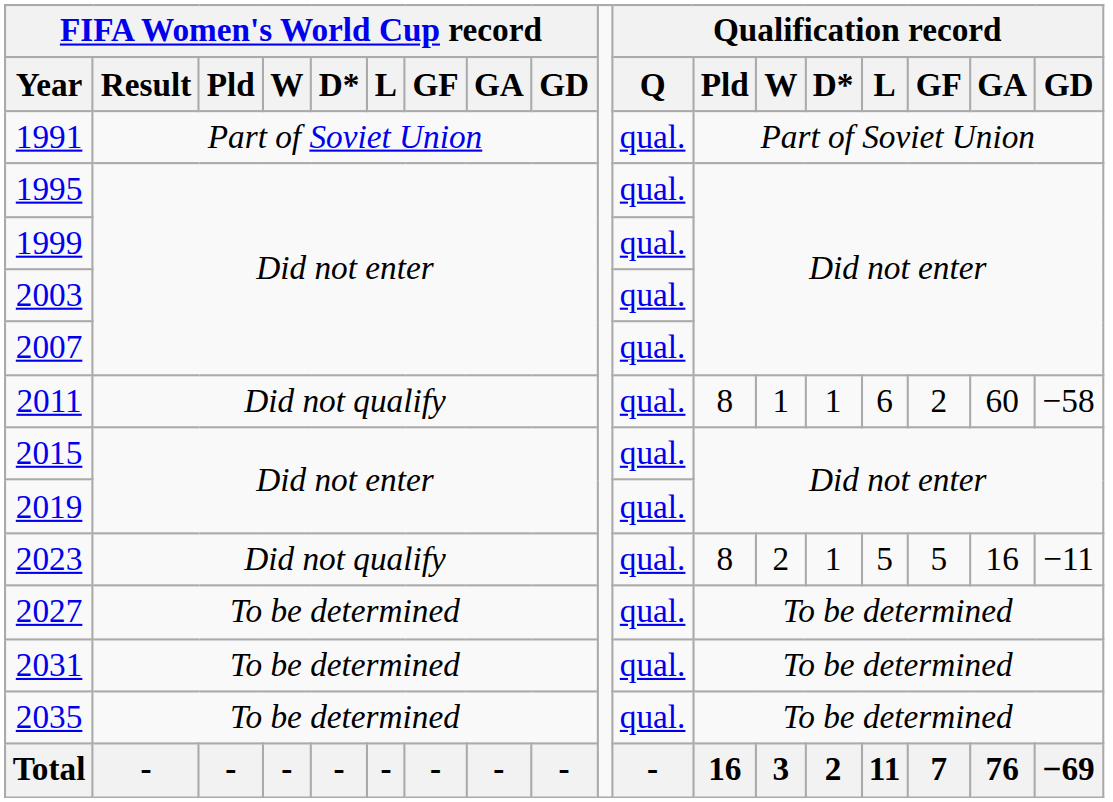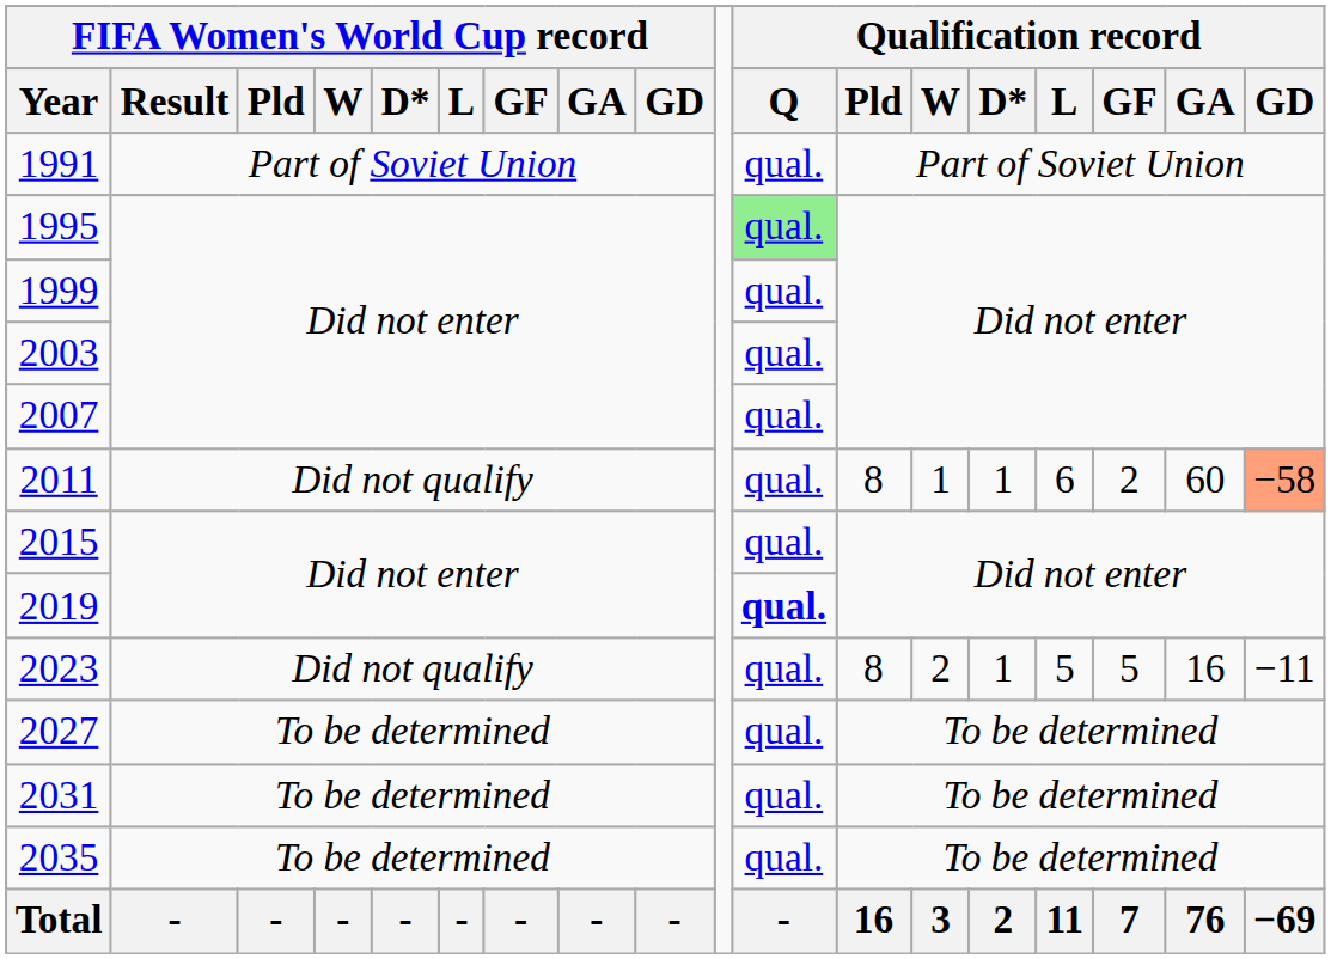 <table class="wikitable" style="text-align: center;">
 <tr>
 <th colspan="9"><a href='#'>FIFA Women's World Cup</a> record</th>
 <td rowspan=100></td>
 <th colspan=8>Qualification record</th>
 </tr>
 <tr>
 <th>Year</th>
 <th>Result</th>
 <th>Pld</th>
 <th>W</th>
 <th>D*</th>
 <th>L</th>
 <th>GF</th>
 <th>GA</th>
 <th>GD</th>
 <th>Q</th>
 <th>Pld</th>
 <th>W</th>
 <th>D*</th>
 <th>L</th>
 <th>GF</th>
 <th>GA</th>
 <th>GD</th>
 </tr>
 <tr>
 <td> <a href='#'>1991</a></td>
 <td colspan=8><em>Part of <a href='#'>Soviet Union</a></em></td>
 <td><a href='#'>qual.</a></td>
 <td colspan=7><em>Part of Soviet Union</em></td>
 </tr>
 <tr>
 <td> <a href='#'>1995</a></td>
 <td colspan=8 rowspan=4><em>Did not enter</em></td>
-<td><a href='#'>qual.</a></td>
+<td style="background: lightgreen;"><a href='#'>qual.</a></td>
 <td colspan=7 rowspan=4><em>Did not enter</em></td>
 </tr>
 <tr>
 <td> <a href='#'>1999</a></td>
 <td><a href='#'>qual.</a></td>
 </tr>
 <tr>
 <td> <a href='#'>2003</a></td>
 <td><a href='#'>qual.</a></td>
 </tr>
 <tr>
 <td> <a href='#'>2007</a></td>
 <td><a href='#'>qual.</a></td>
 </tr>
 <tr>
 <td> <a href='#'>2011</a></td>
 <td colspan=8><em>Did not qualify</em></td>
 <td><a href='#'>qual.</a></td>
 <td>8</td>
 <td>1</td>
 <td>1</td>
 <td>6</td>
 <td>2</td>
 <td>60</td>
-<td>−58</td>
+<td style="background: lightsalmon;">−58</td>
 </tr>
 <tr>
 <td> <a href='#'>2015</a></td>
 <td colspan=8 rowspan=2><em>Did not enter</em></td>
 <td><a href='#'>qual.</a></td>
 <td colspan=7 rowspan=2><em>Did not enter</em></td>
 </tr>
 <tr>
 <td> <a href='#'>2019</a></td>
-<td><a href='#'>qual.</a></td>
+<td><strong><a href='#'>qual.</a></strong></td>
 </tr>
 <tr>
 <td> <a href='#'>2023</a></td>
 <td colspan=8><em>Did not qualify</em></td>
 <td><a href='#'>qual.</a></td>
 <td>8</td>
 <td>2</td>
 <td>1</td>
 <td>5</td>
 <td>5</td>
 <td>16</td>
 <td>−11</td>
 </tr>
 <tr>
 <td> <a href='#'>2027</a></td>
 <td colspan=8><em>To be determined</em></td>
 <td><a href='#'>qual.</a></td>
 <td colspan=7><em>To be determined</em></td>
 </tr>
 <tr>
 <td> <a href='#'>2031</a></td>
 <td colspan=8><em>To be determined</em></td>
 <td><a href='#'>qual.</a></td>
 <td colspan=7><em>To be determined</em></td>
 </tr>
 <tr>
 <td> <a href='#'>2035</a></td>
 <td colspan=8><em>To be determined</em></td>
 <td><a href='#'>qual.</a></td>
 <td colspan=7><em>To be determined</em></td>
 </tr>
 <tr>
 <th>Total</th>
 <th>-</th>
 <th>-</th>
 <th>-</th>
 <th>-</th>
 <th>-</th>
 <th>-</th>
 <th>-</th>
 <th>-</th>
 <th>-</th>
 <th>16</th>
 <th>3</th>
 <th>2</th>
 <th>11</th>
 <th>7</th>
 <th>76</th>
 <th>−69</th>
 </tr>
 </table>
